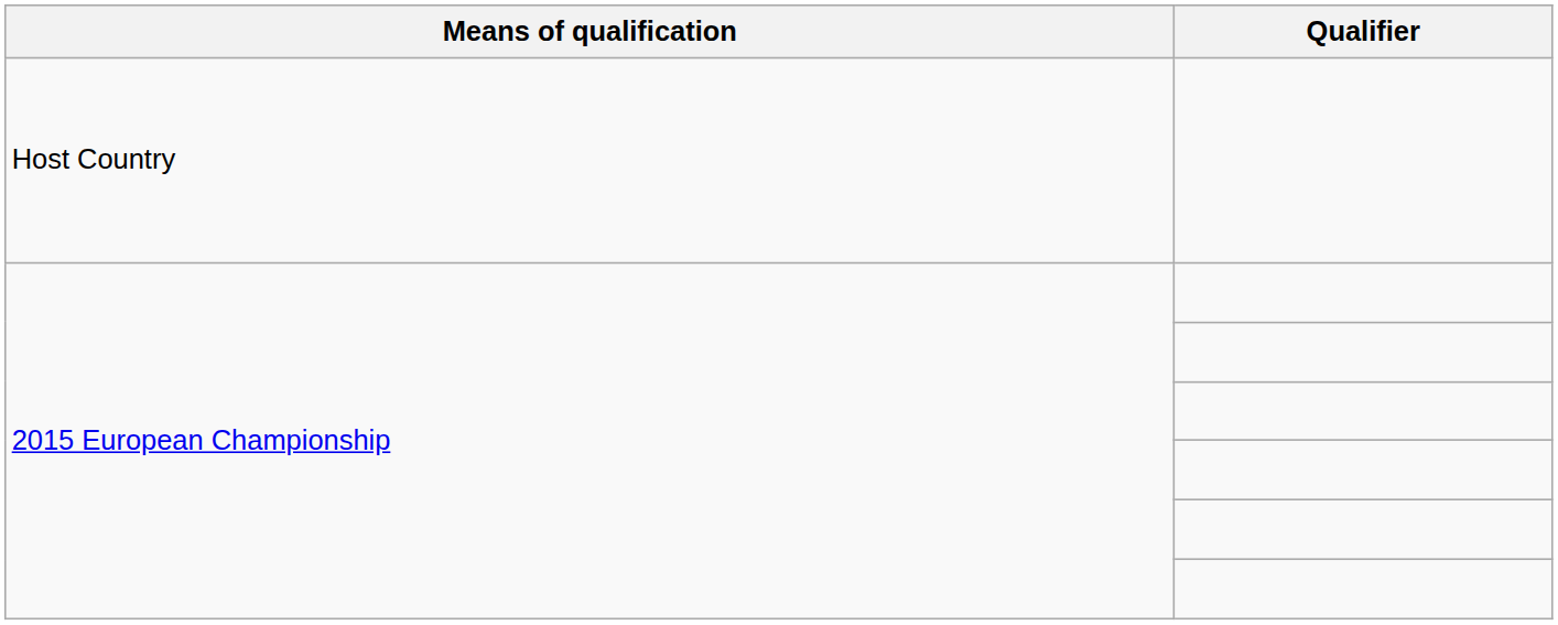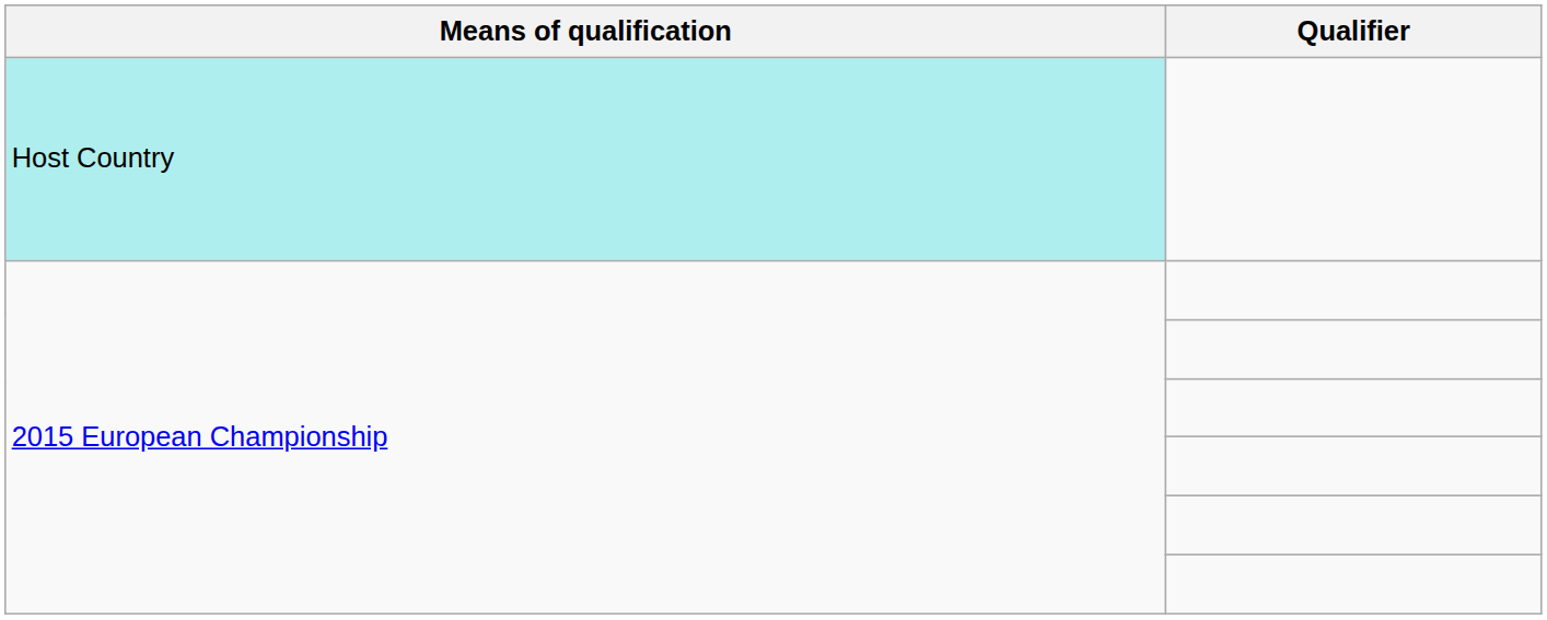 <table class="wikitable" style="height:351px; margin:0; width:100%; white-space:nowrap;">
 <tr>
 <th style="height:23px;">Means of qualification</th>
 <th>Qualifier</th>
 </tr>
 <tr>
-<td>Host Country</td>
+<td style="background: paleturquoise;">Host Country</td>
 <td></td>
 </tr>
 <tr>
 <td rowspan=6><a href='#'>2015 European Championship</a></td>
 <td></td>
 </tr>
 <tr>
 <td></td>
 </tr>
 <tr>
 <td></td>
 </tr>
 <tr>
 <td></td>
 </tr>
 <tr>
 <td></td>
 </tr>
 <tr>
 <td></td>
 </tr>
 </table>
